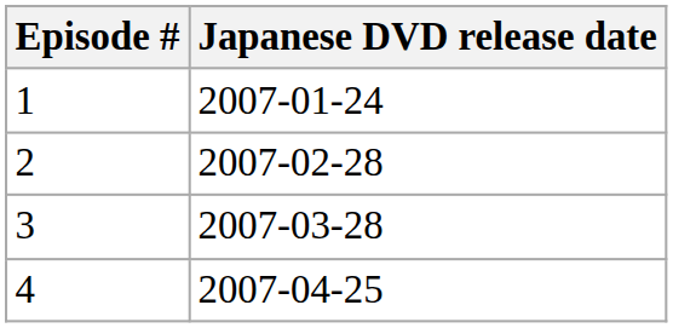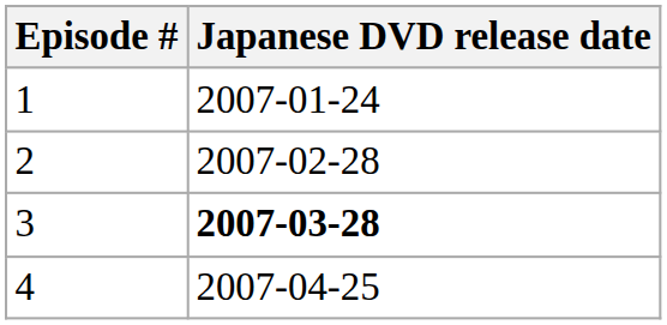 <table class="wikitable" style="background:#FFF;">
 <tr>
 <th>Episode #</th>
 <th>Japanese DVD release date</th>
 </tr>
 <tr>
 <td>1</td>
 <td>2007-01-24</td>
 </tr>
 <tr>
 <td>2</td>
 <td>2007-02-28</td>
 </tr>
 <tr>
 <td>3</td>
-<td>2007-03-28</td>
+<td><strong>2007-03-28</strong></td>
 </tr>
 <tr>
 <td>4</td>
 <td>2007-04-25</td>
 </tr>
 </table>
